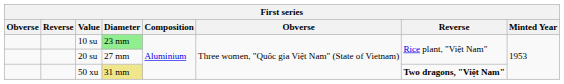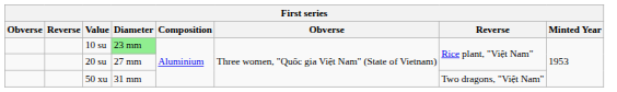 <table class="wikitable" style="font-size: 90%">
 <tr>
 <th colspan=8>First series</th>
 </tr>
 <tr>
 <th>Obverse</th>
 <th>Reverse</th>
 <th>Value</th>
 <th>Diameter</th>
 <th>Composition</th>
 <th>Obverse</th>
 <th>Reverse</th>
 <th>Minted Year</th>
 </tr>
 <tr>
 <td></td>
 <td></td>
 <td>10 su</td>
 <td style="background: lightgreen;">23 mm</td>
 <td rowspan=3><a href='#'>Aluminium</a></td>
 <td rowspan=3>Three women, "Quốc gia Việt Nam" (State of Vietnam)</td>
 <td rowspan=2><a href='#'>Rice</a> plant, "Việt Nam"</td>
 <td rowspan=3>1953</td>
 </tr>
 <tr>
 <td></td>
 <td></td>
 <td>20 su</td>
 <td>27 mm</td>
 </tr>
 <tr>
 <td></td>
 <td></td>
 <td>50 xu</td>
-<td style="background: khaki;">31 mm</td>
-<td><strong>Two dragons, "Việt Nam"</strong></td>
+<td>31 mm</td>
+<td>Two dragons, "Việt Nam"</td>
 </tr>
 </table>
